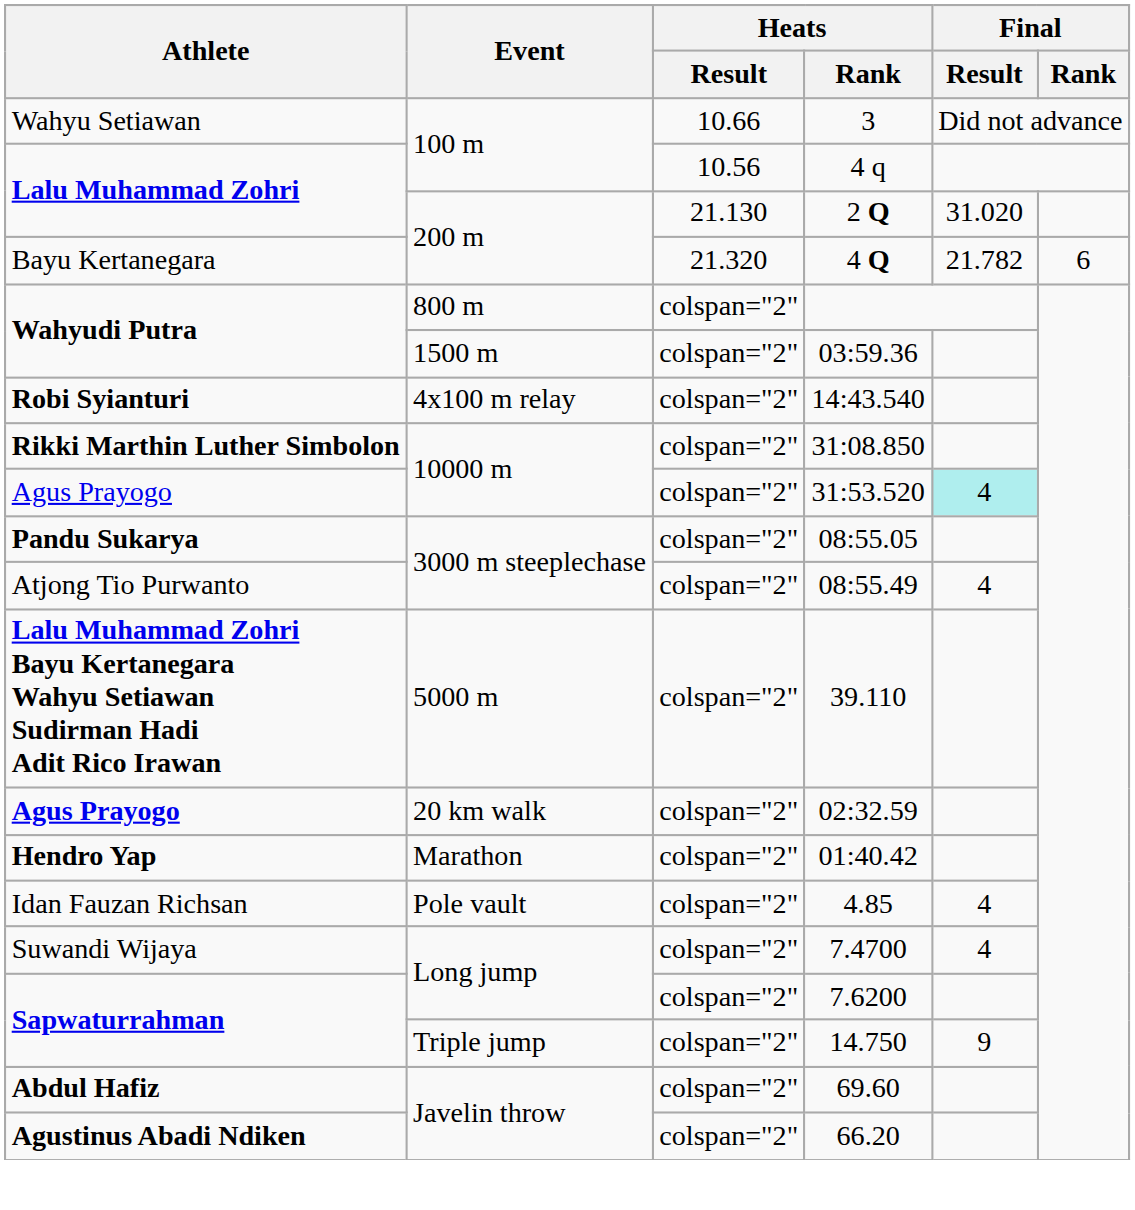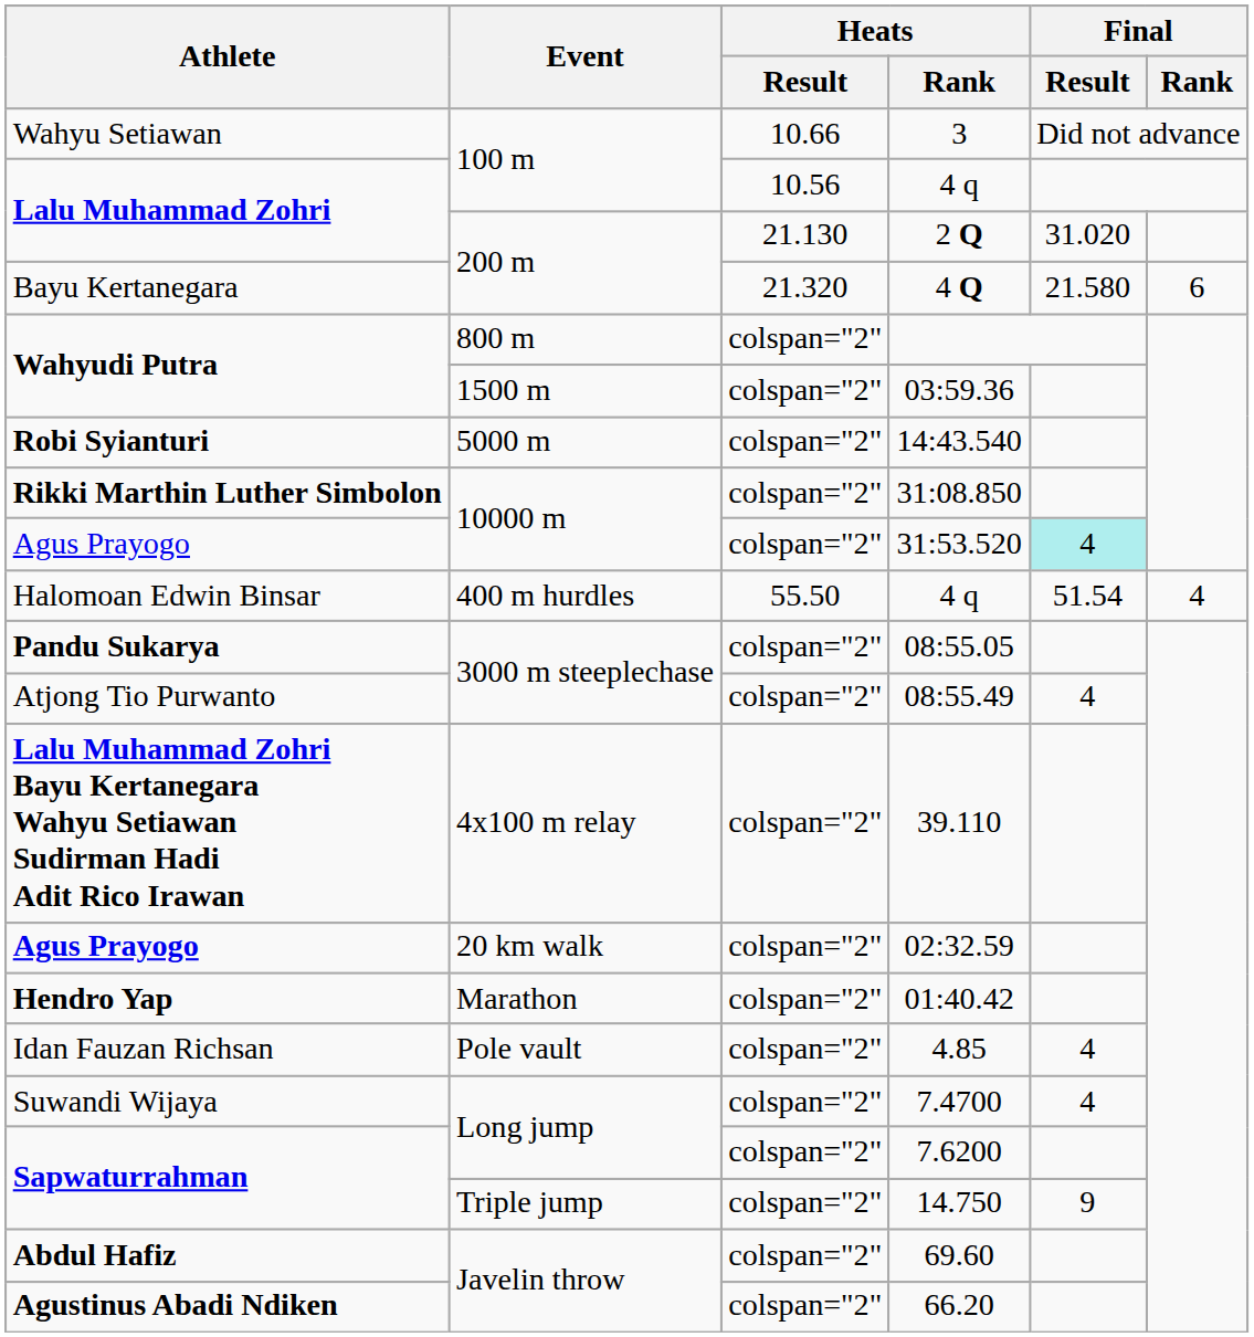 <table class="wikitable" style="font-size:85%">
 <tr>
 <th rowspan="2">Athlete</th>
 <th rowspan="2">Event</th>
 <th colspan="2">Heats</th>
 <th colspan="2">Final</th>
 </tr>
 <tr>
 <th>Result</th>
 <th>Rank</th>
 <th>Result</th>
 <th>Rank</th>
 </tr>
 <tr align="center">
 <td align="left">Wahyu Setiawan</td>
 <td rowspan="2" align="left">100 m</td>
 <td>10.66</td>
 <td>3</td>
 <td colspan="2">Did not advance</td>
 </tr>
 <tr align="center">
 <td rowspan="2" align="left"><strong><a href='#'>Lalu Muhammad Zohri</a></strong></td>
 <td>10.56</td>
 <td>4 q</td>
 <td colspan="2"></td>
 </tr>
 <tr align="center">
 <td rowspan="2" align="left">200 m</td>
 <td>21.130</td>
 <td>2 <strong>Q</strong></td>
 <td>31.020</td>
 <td></td>
 </tr>
 <tr align="center">
 <td align="left">Bayu Kertanegara</td>
 <td>21.320</td>
 <td>4 <strong>Q</strong></td>
-<td>21.782</td>
+<td>21.580</td>
 <td>6</td>
 </tr>
 <tr align="center">
 <td align="left" rowspan="2"><strong>Wahyudi Putra</strong></td>
 <td align="left">800 m</td>
 <td>colspan="2" </td>
 <td colspan="2"></td>
 </tr>
 <tr align="center">
 <td align="left">1500 m</td>
 <td>colspan="2" </td>
 <td>03:59.36</td>
 <td></td>
 </tr>
 <tr align="center">
 <td align="left"><strong>Robi Syianturi</strong></td>
-<td align="left">4x100 m relay</td>
+<td align="left">5000 m</td>
 <td>colspan="2" </td>
 <td>14:43.540</td>
 <td></td>
 </tr>
 <tr align="center">
 <td align="left"><strong>Rikki Marthin Luther Simbolon</strong></td>
 <td align="left" rowspan="2">10000 m</td>
 <td>colspan="2" </td>
 <td>31:08.850</td>
 <td></td>
 </tr>
 <tr align="center">
 <td align="left"><a href='#'>Agus Prayogo</a></td>
 <td>colspan="2" </td>
 <td>31:53.520</td>
 <td style="background: paleturquoise;">4</td>
 </tr>
 <tr align="center">
+<td align="left">Halomoan Edwin Binsar</td>
+<td align="left">400 m hurdles</td>
+<td>55.50</td>
+<td>4 q</td>
+<td>51.54</td>
+<td>4</td>
+</tr>
+<tr align="center">
 <td align="left"><strong>Pandu Sukarya</strong></td>
 <td align="left" rowspan="2">3000 m steeplechase</td>
 <td>colspan="2" </td>
 <td>08:55.05</td>
 <td></td>
 </tr>
 <tr align="center">
 <td align="left">Atjong Tio Purwanto</td>
 <td>colspan="2" </td>
 <td>08:55.49</td>
 <td>4</td>
 </tr>
 <tr align="center">
 <td align="left"><strong><a href='#'>Lalu Muhammad Zohri</a> </strong> <br> <strong>Bayu Kertanegara</strong><br><strong>Wahyu Setiawan</strong><br> <strong>Sudirman Hadi</strong><br> <strong>Adit Rico Irawan</strong></td>
-<td align="left">5000 m</td>
+<td align="left">4x100 m relay</td>
 <td>colspan="2" </td>
 <td>39.110</td>
 <td></td>
 </tr>
 <tr align="center">
 <td align="left"><strong><a href='#'>Agus Prayogo</a></strong></td>
 <td align="left">20 km walk</td>
 <td>colspan="2" </td>
 <td>02:32.59</td>
 <td></td>
 </tr>
 <tr align="center">
 <td align="left"><strong>Hendro Yap</strong></td>
 <td align="left">Marathon</td>
 <td>colspan="2" </td>
 <td>01:40.42</td>
 <td></td>
 </tr>
 <tr align="center">
 <td align="left">Idan Fauzan Richsan</td>
 <td align="left">Pole vault</td>
 <td>colspan="2" </td>
 <td>4.85</td>
 <td>4</td>
 </tr>
 <tr align="center">
 <td align="left">Suwandi Wijaya</td>
 <td align="left" rowspan=2>Long jump</td>
 <td>colspan="2" </td>
 <td>7.4700</td>
 <td>4</td>
 </tr>
 <tr align="center">
 <td rowspan="2" align="left"><strong><a href='#'>Sapwaturrahman</a></strong></td>
 <td>colspan="2" </td>
 <td>7.6200</td>
 <td></td>
 </tr>
 <tr align="center">
 <td align="left">Triple jump</td>
 <td>colspan="2" </td>
 <td>14.750</td>
 <td>9</td>
 </tr>
 <tr align="center">
 <td align="left"><strong>Abdul Hafiz</strong></td>
 <td align="left" rowspan=2>Javelin throw</td>
 <td>colspan="2" </td>
 <td>69.60</td>
 <td></td>
 </tr>
 <tr align="center">
 <td align="left"><strong>Agustinus Abadi Ndiken</strong></td>
 <td>colspan="2" </td>
 <td>66.20</td>
 <td></td>
 </tr>
 </table>
